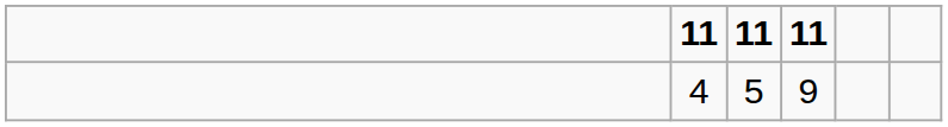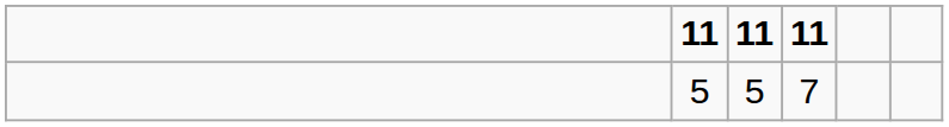 <table class="wikitable">
 <tr>
 <td style="width:18em"></td>
 <td align=center style="width:1em"><strong>11</strong></td>
 <td align=center style="width:1em"><strong>11</strong></td>
 <td align=center style="width:1em"><strong>11</strong></td>
 <td align=center style="width:1em"></td>
 <td align=center style="width:1em"></td>
 </tr>
 <tr>
 <td style="width:18em"></td>
-<td align=center style="width:1em">4</td>
 <td align=center style="width:1em">5</td>
-<td align=center style="width:1em">9</td>
+<td align=center style="width:1em">5</td>
+<td align=center style="width:1em">7</td>
 <td align=center style="width:1em"></td>
 <td align=center style="width:1em"></td>
 </tr>
 </table>
